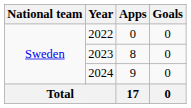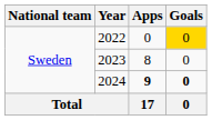 <table class="sortable wikitable" style="text-align:center">
 <tr>
 <th scope="col">National team</th>
 <th scope="col">Year</th>
 <th>Apps</th>
 <th>Goals</th>
 </tr>
 <tr>
 <td rowspan="3"><a href='#'>Sweden</a></td>
 <td scope="row">2022</td>
 <td>0</td>
-<td>0</td>
+<td style="background: gold;">0</td>
 </tr>
 <tr>
 <td scope="row">2023</td>
 <td>8</td>
 <td>0</td>
 </tr>
 <tr>
 <td>2024</td>
-<td>9</td>
-<td>0</td>
+<td><strong>9</strong></td>
+<td><strong>0</strong></td>
 </tr>
 <tr>
 <th colspan="2">Total</th>
 <th>17</th>
 <th>0</th>
 </tr>
 </table>
